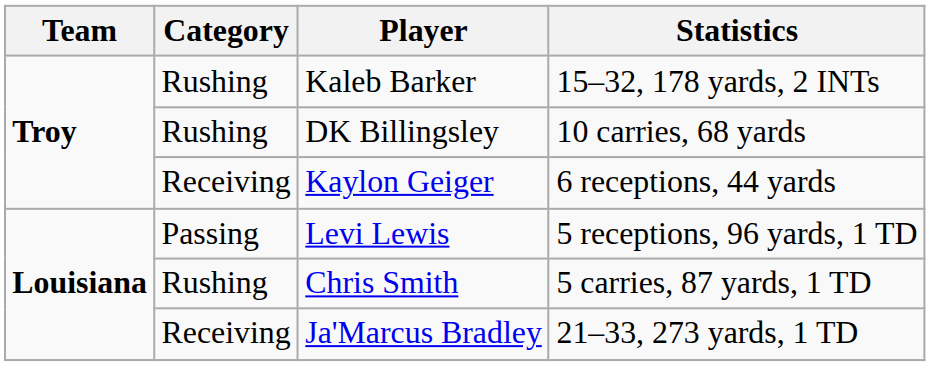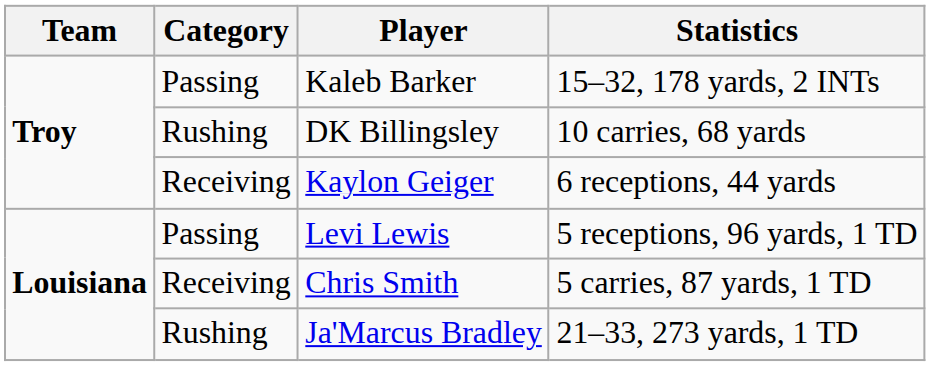 <table class="wikitable" style="float: left;">
 <tr>
 <th>Team</th>
 <th>Category</th>
 <th>Player</th>
 <th>Statistics</th>
 </tr>
 <tr>
 <td rowspan=3><strong>Troy</strong></td>
-<td>Rushing</td>
+<td>Passing</td>
 <td>Kaleb Barker</td>
 <td>15–32, 178 yards, 2 INTs</td>
 </tr>
 <tr>
 <td>Rushing</td>
 <td>DK Billingsley</td>
 <td>10 carries, 68 yards</td>
 </tr>
 <tr>
 <td>Receiving</td>
 <td><a href='#'>Kaylon Geiger</a></td>
 <td>6 receptions, 44 yards</td>
 </tr>
 <tr>
 <td rowspan=3><strong>Louisiana</strong></td>
 <td>Passing</td>
 <td><a href='#'>Levi Lewis</a></td>
 <td>5 receptions, 96 yards, 1 TD</td>
 </tr>
 <tr>
-<td>Rushing</td>
+<td>Receiving</td>
 <td><a href='#'>Chris Smith</a></td>
 <td>5 carries, 87 yards, 1 TD</td>
 </tr>
 <tr>
-<td>Receiving</td>
+<td>Rushing</td>
 <td><a href='#'>Ja'Marcus Bradley</a></td>
 <td>21–33, 273 yards, 1 TD</td>
 </tr>
 </table>
